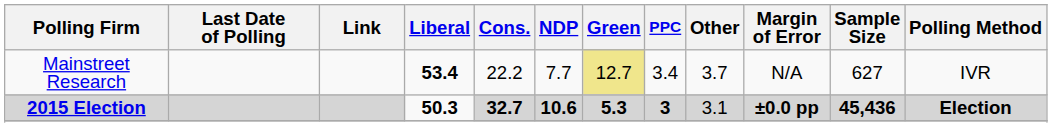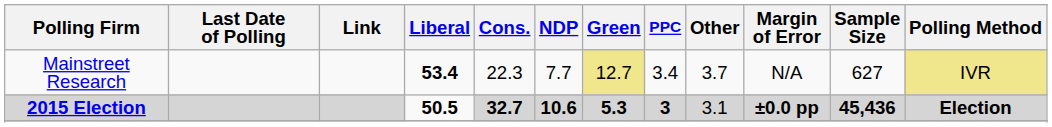 <table class="wikitable sortable" style="text-align:center;font-size:90%;line-height:14px;">
 <tr style="background:#e9e9e9;">
 <th style="width:120px">Polling Firm</th>
 <th style="width:110px">Last Date<br>of Polling</th>
 <th style="width:60px" class="unsortable">Link</th>
 <th style="background-color:"><strong><a href='#'>Liberal</a></strong></th>
 <th style="background-color:"><strong><a href='#'>Cons.</a></strong></th>
 <th style="background-color:"><strong><a href='#'>NDP</a></strong></th>
 <th style="background-color:"><strong><a href='#'>Green</a></strong></th>
 <th style="background-color:"><strong><small><a href='#'>PPC</a></small></strong></th>
 <th style="background-color:"><strong>Other</strong></th>
 <th style="width:60px;" class=unsortable>Margin<br>of Error</th>
 <th style="width:50px;" class=unsortable>Sample<br>Size</th>
 <th class=unsortable>Polling Method</th>
 </tr>
 <tr>
 <td><a href='#'>Mainstreet Research</a></td>
 <td></td>
 <td></td>
 <td><strong>53.4</strong></td>
-<td>22.2</td>
+<td>22.3</td>
 <td>7.7</td>
 <td style="background: khaki;">12.7</td>
 <td>3.4</td>
 <td>3.7</td>
 <td>N/A</td>
 <td>627</td>
-<td>IVR</td>
+<td style="background: khaki;">IVR</td>
 </tr>
 <tr>
 <td style="background:#D5D5D5"><strong><a href='#'>2015 Election</a></strong></td>
 <td style="background:#D5D5D5"><strong></strong></td>
 <td style="background:#D5D5D5"></td>
-<td><strong>50.3</strong></td>
+<td><strong>50.5</strong></td>
 <td style="background:#D5D5D5"><strong>32.7</strong></td>
 <td style="background:#D5D5D5"><strong>10.6</strong></td>
 <td style="background:#D5D5D5"><strong>5.3</strong></td>
 <td style="background:#D5D5D5"><strong>3</strong></td>
 <td style="background:#D5D5D5">3.1</td>
 <td style="background:#D5D5D5"><strong>±0.0 pp</strong></td>
 <td style="background:#D5D5D5"><strong>45,436</strong></td>
 <td style="background:#D5D5D5"><strong>Election</strong></td>
 </tr>
 <tr>
 </tr>
 <tr>
 </tr>
 </table>
